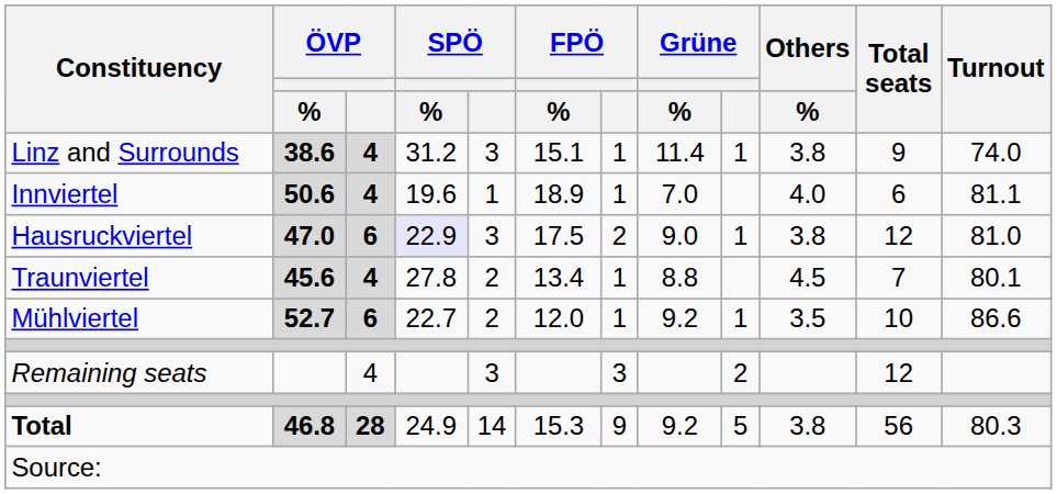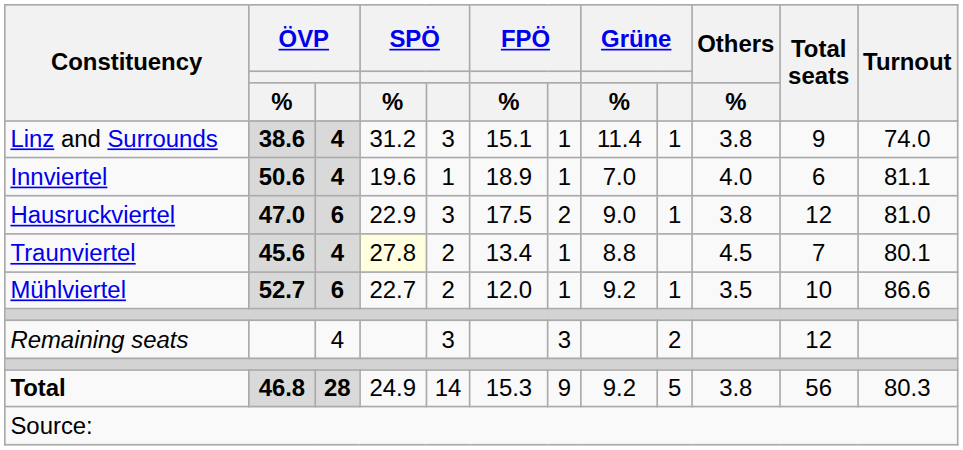 <table class="wikitable" style="text-align:center;font-size:90%;line-height:16px">
 <tr style="height:40px;">
 <th style="width:140px;" rowspan="3">Constituency</th>
 <th style="width:60px;" colspan="2"><a href='#'>ÖVP</a></th>
 <th style="width:60px;" colspan="2"><a href='#'>SPÖ</a></th>
 <th style="width:60px;" colspan="2"><a href='#'>FPÖ</a></th>
 <th style="width:60px;" colspan="2"><a href='#'>Grüne</a></th>
 <th class="unsortable" style="width:40px;" rowspan="2">Others</th>
 <th class="unsortable" style="width:40px;" rowspan="3">Total<br>seats</th>
 <th class="unsortable" style="width:40px;" rowspan="3">Turnout</th>
 </tr>
 <tr>
 <th colspan="2" style="background:"></th>
 <th colspan="2" style="background:"></th>
 <th colspan="2" style="background:"></th>
 <th colspan="2" style="background:"></th>
 </tr>
 <tr>
 <th class=unsortable>%</th>
 <th class=unsortable></th>
 <th class=unsortable>%</th>
 <th class=unsortable></th>
 <th class=unsortable>%</th>
 <th class=unsortable></th>
 <th class=unsortable>%</th>
 <th class=unsortable></th>
 <th class=unsortable>%</th>
 </tr>
 <tr>
 <td align=left><a href='#'>Linz</a> and <a href='#'>Surrounds</a></td>
 <td bgcolor=#D9D9D9><strong>38.6</strong></td>
 <td bgcolor=#D9D9D9><strong>4</strong></td>
 <td>31.2</td>
 <td>3</td>
 <td>15.1</td>
 <td>1</td>
 <td>11.4</td>
 <td>1</td>
 <td>3.8</td>
 <td>9</td>
 <td>74.0</td>
 </tr>
 <tr>
 <td align=left><a href='#'>Innviertel</a></td>
 <td bgcolor=#D9D9D9><strong>50.6</strong></td>
 <td bgcolor=#D9D9D9><strong>4</strong></td>
 <td>19.6</td>
 <td>1</td>
 <td>18.9</td>
 <td>1</td>
 <td>7.0</td>
 <td></td>
 <td>4.0</td>
 <td>6</td>
 <td>81.1</td>
 </tr>
 <tr>
 <td align=left><a href='#'>Hausruckviertel</a></td>
 <td bgcolor=#D9D9D9><strong>47.0</strong></td>
 <td bgcolor=#D9D9D9><strong>6</strong></td>
-<td style="background: lavender;">22.9</td>
+<td>22.9</td>
 <td>3</td>
 <td>17.5</td>
 <td>2</td>
 <td>9.0</td>
 <td>1</td>
 <td>3.8</td>
 <td>12</td>
 <td>81.0</td>
 </tr>
 <tr>
 <td align=left><a href='#'>Traunviertel</a></td>
 <td bgcolor=#D9D9D9><strong>45.6</strong></td>
 <td bgcolor=#D9D9D9><strong>4</strong></td>
-<td>27.8</td>
+<td style="background: lightyellow;">27.8</td>
 <td>2</td>
 <td>13.4</td>
 <td>1</td>
 <td>8.8</td>
 <td></td>
 <td>4.5</td>
 <td>7</td>
 <td>80.1</td>
 </tr>
 <tr>
 <td align=left><a href='#'>Mühlviertel</a></td>
 <td bgcolor=#D9D9D9><strong>52.7</strong></td>
 <td bgcolor=#D9D9D9><strong>6</strong></td>
 <td>22.7</td>
 <td>2</td>
 <td>12.0</td>
 <td>1</td>
 <td>9.2</td>
 <td>1</td>
 <td>3.5</td>
 <td>10</td>
 <td>86.6</td>
 </tr>
 <tr>
 <td colspan=14 bgcolor=lightgrey></td>
 </tr>
 <tr>
 <td align=left><em>Remaining seats</em></td>
 <td></td>
 <td>4</td>
 <td></td>
 <td>3</td>
 <td></td>
 <td>3</td>
 <td></td>
 <td>2</td>
 <td></td>
 <td>12</td>
 <td></td>
 </tr>
 <tr>
 <td colspan=14 bgcolor=lightgrey></td>
 </tr>
 <tr>
 <td align=left><strong>Total</strong></td>
 <td bgcolor=#D9D9D9><strong>46.8</strong></td>
 <td bgcolor=#D9D9D9><strong>28</strong></td>
 <td>24.9</td>
 <td>14</td>
 <td>15.3</td>
 <td>9</td>
 <td>9.2</td>
 <td>5</td>
 <td>3.8</td>
 <td>56</td>
 <td>80.3</td>
 </tr>
 <tr class=sortbottom>
 <td colspan=14 align=left>Source: </td>
 </tr>
 </table>
